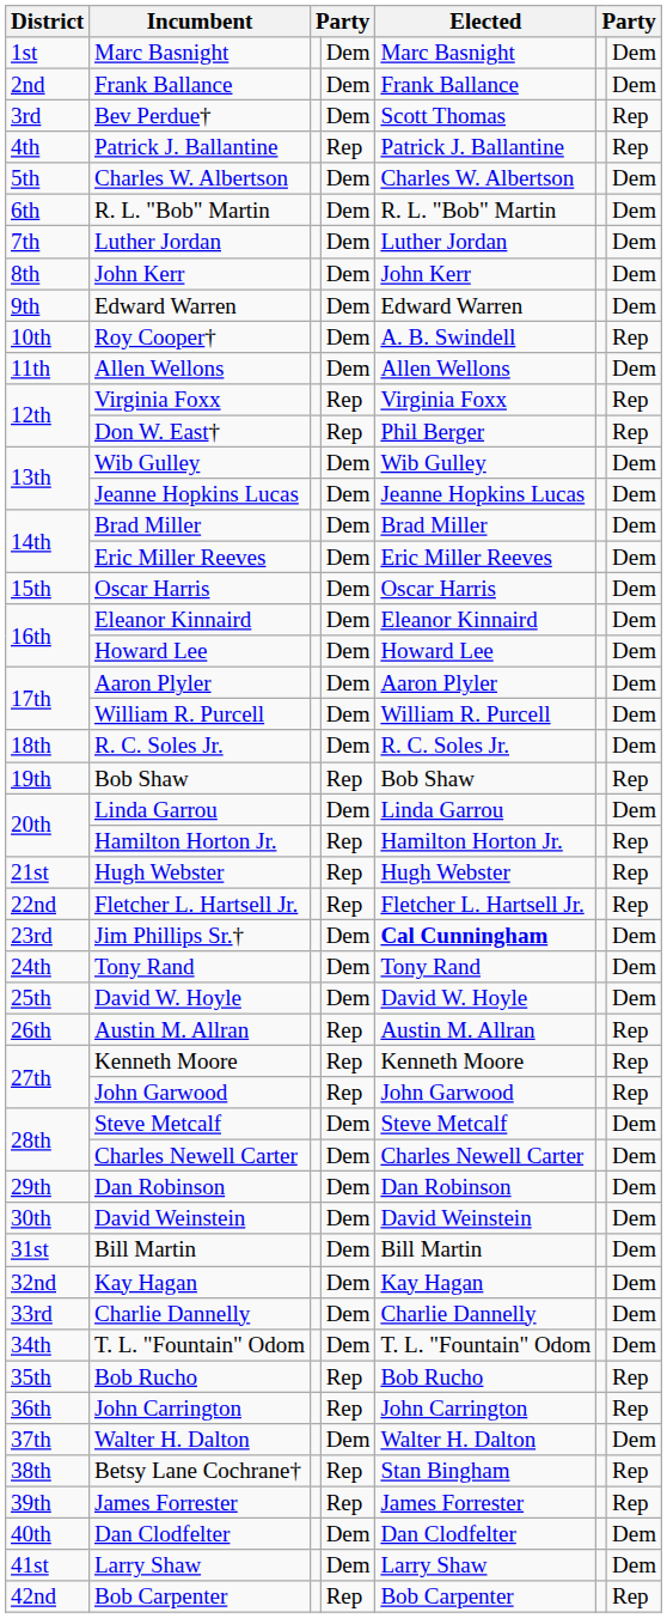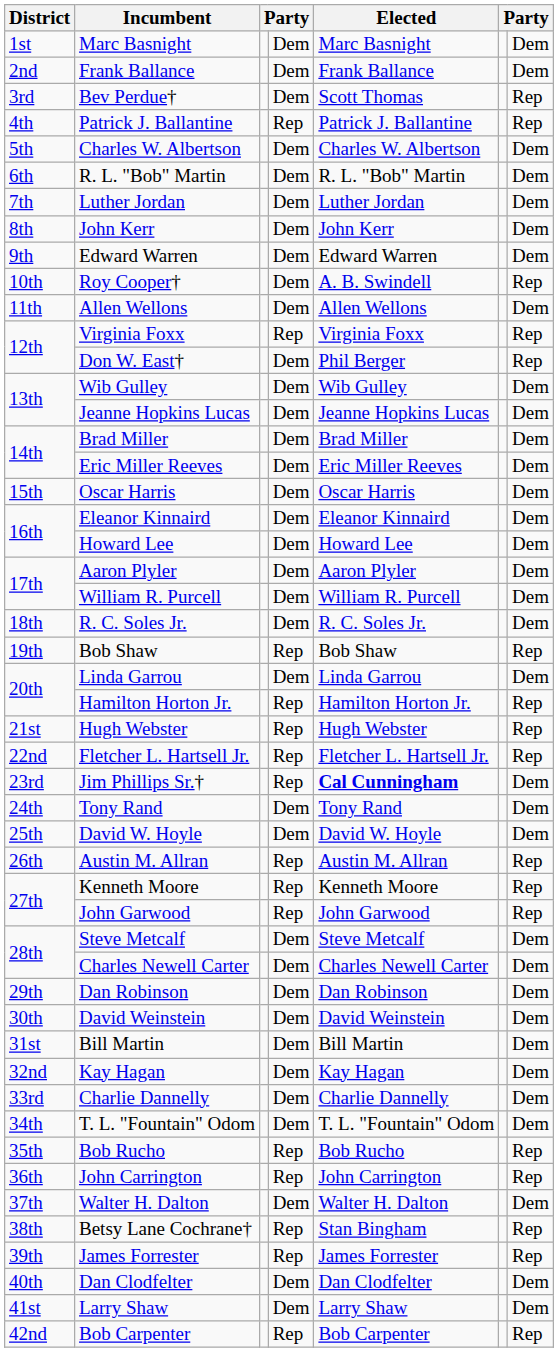 <table class="sortable wikitable" style="font-size:95%;line-height:14px;">
 <tr>
 <th class="unsortable">District</th>
 <th class="unsortable">Incumbent</th>
 <th colspan="2">Party</th>
 <th class="unsortable">Elected</th>
 <th colspan="2">Party</th>
 </tr>
 <tr>
 <td><a href='#'>1st</a></td>
 <td><a href='#'>Marc Basnight</a></td>
 <td style="background:"></td>
 <td>Dem</td>
 <td><a href='#'>Marc Basnight</a></td>
 <td style="background:"></td>
 <td>Dem</td>
 </tr>
 <tr>
 <td><a href='#'>2nd</a></td>
 <td><a href='#'>Frank Ballance</a></td>
 <td style="background:"></td>
 <td>Dem</td>
 <td><a href='#'>Frank Ballance</a></td>
 <td style="background:"></td>
 <td>Dem</td>
 </tr>
 <tr>
 <td><a href='#'>3rd</a></td>
 <td><a href='#'>Bev Perdue</a>†</td>
 <td style="background:"></td>
 <td>Dem</td>
 <td><a href='#'>Scott Thomas</a></td>
 <td style="background:"></td>
 <td>Rep</td>
 </tr>
 <tr>
 <td><a href='#'>4th</a></td>
 <td><a href='#'>Patrick J. Ballantine</a></td>
 <td style="background:"></td>
 <td>Rep</td>
 <td><a href='#'>Patrick J. Ballantine</a></td>
 <td style="background:"></td>
 <td>Rep</td>
 </tr>
 <tr>
 <td><a href='#'>5th</a></td>
 <td><a href='#'>Charles W. Albertson</a></td>
 <td style="background:"></td>
 <td>Dem</td>
 <td><a href='#'>Charles W. Albertson</a></td>
 <td style="background:"></td>
 <td>Dem</td>
 </tr>
 <tr>
 <td><a href='#'>6th</a></td>
 <td>R. L. "Bob" Martin</td>
 <td style="background:"></td>
 <td>Dem</td>
 <td>R. L. "Bob" Martin</td>
 <td style="background:"></td>
 <td>Dem</td>
 </tr>
 <tr>
 <td><a href='#'>7th</a></td>
 <td><a href='#'>Luther Jordan</a></td>
 <td style="background:"></td>
 <td>Dem</td>
 <td><a href='#'>Luther Jordan</a></td>
 <td style="background:"></td>
 <td>Dem</td>
 </tr>
 <tr>
 <td><a href='#'>8th</a></td>
 <td><a href='#'>John Kerr</a></td>
 <td style="background:"></td>
 <td>Dem</td>
 <td><a href='#'>John Kerr</a></td>
 <td style="background:"></td>
 <td>Dem</td>
 </tr>
 <tr>
 <td><a href='#'>9th</a></td>
 <td>Edward Warren</td>
 <td style="background:"></td>
 <td>Dem</td>
 <td>Edward Warren</td>
 <td style="background:"></td>
 <td>Dem</td>
 </tr>
 <tr>
 <td><a href='#'>10th</a></td>
 <td><a href='#'>Roy Cooper</a>†</td>
 <td style="background:"></td>
 <td>Dem</td>
 <td><a href='#'>A. B. Swindell</a></td>
 <td style="background:"></td>
 <td>Rep</td>
 </tr>
 <tr>
 <td><a href='#'>11th</a></td>
 <td><a href='#'>Allen Wellons</a></td>
 <td style="background:"></td>
 <td>Dem</td>
 <td><a href='#'>Allen Wellons</a></td>
 <td style="background:"></td>
 <td>Dem</td>
 </tr>
 <tr>
 <td rowspan=2><a href='#'>12th</a></td>
 <td><a href='#'>Virginia Foxx</a></td>
 <td style="background:"></td>
 <td>Rep</td>
 <td><a href='#'>Virginia Foxx</a></td>
 <td style="background:"></td>
 <td>Rep</td>
 </tr>
 <tr>
 <td><a href='#'>Don W. East</a>†</td>
 <td style="background:"></td>
-<td>Rep</td>
+<td>Dem</td>
 <td><a href='#'>Phil Berger</a></td>
 <td style="background:"></td>
 <td>Rep</td>
 </tr>
 <tr>
 <td rowspan=2><a href='#'>13th</a></td>
 <td><a href='#'>Wib Gulley</a></td>
 <td style="background:"></td>
 <td>Dem</td>
 <td><a href='#'>Wib Gulley</a></td>
 <td style="background:"></td>
 <td>Dem</td>
 </tr>
 <tr>
 <td><a href='#'>Jeanne Hopkins Lucas</a></td>
 <td style="background:"></td>
 <td>Dem</td>
 <td><a href='#'>Jeanne Hopkins Lucas</a></td>
 <td style="background:"></td>
 <td>Dem</td>
 </tr>
 <tr>
 <td rowspan=2><a href='#'>14th</a></td>
 <td><a href='#'>Brad Miller</a></td>
 <td style="background:"></td>
 <td>Dem</td>
 <td><a href='#'>Brad Miller</a></td>
 <td style="background:"></td>
 <td>Dem</td>
 </tr>
 <tr>
 <td><a href='#'>Eric Miller Reeves</a></td>
 <td style="background:"></td>
 <td>Dem</td>
 <td><a href='#'>Eric Miller Reeves</a></td>
 <td style="background:"></td>
 <td>Dem</td>
 </tr>
 <tr>
 <td><a href='#'>15th</a></td>
 <td><a href='#'>Oscar Harris</a></td>
 <td style="background:"></td>
 <td>Dem</td>
 <td><a href='#'>Oscar Harris</a></td>
 <td style="background:"></td>
 <td>Dem</td>
 </tr>
 <tr>
 <td rowspan=2><a href='#'>16th</a></td>
 <td><a href='#'>Eleanor Kinnaird</a></td>
 <td style="background:"></td>
 <td>Dem</td>
 <td><a href='#'>Eleanor Kinnaird</a></td>
 <td style="background:"></td>
 <td>Dem</td>
 </tr>
 <tr>
 <td><a href='#'>Howard Lee</a></td>
 <td style="background:"></td>
 <td>Dem</td>
 <td><a href='#'>Howard Lee</a></td>
 <td style="background:"></td>
 <td>Dem</td>
 </tr>
 <tr>
 <td rowspan=2><a href='#'>17th</a></td>
 <td><a href='#'>Aaron Plyler</a></td>
 <td style="background:"></td>
 <td>Dem</td>
 <td><a href='#'>Aaron Plyler</a></td>
 <td style="background:"></td>
 <td>Dem</td>
 </tr>
 <tr>
 <td><a href='#'>William R. Purcell</a></td>
 <td style="background:"></td>
 <td>Dem</td>
 <td><a href='#'>William R. Purcell</a></td>
 <td style="background:"></td>
 <td>Dem</td>
 </tr>
 <tr>
 <td><a href='#'>18th</a></td>
 <td><a href='#'>R. C. Soles Jr.</a></td>
 <td style="background:"></td>
 <td>Dem</td>
 <td><a href='#'>R. C. Soles Jr.</a></td>
 <td style="background:"></td>
 <td>Dem</td>
 </tr>
 <tr>
 <td><a href='#'>19th</a></td>
 <td>Bob Shaw</td>
 <td style="background:"></td>
 <td>Rep</td>
 <td>Bob Shaw</td>
 <td style="background:"></td>
 <td>Rep</td>
 </tr>
 <tr>
 <td rowspan=2><a href='#'>20th</a></td>
 <td><a href='#'>Linda Garrou</a></td>
 <td style="background:"></td>
 <td>Dem</td>
 <td><a href='#'>Linda Garrou</a></td>
 <td style="background:"></td>
 <td>Dem</td>
 </tr>
 <tr>
 <td><a href='#'>Hamilton Horton Jr.</a></td>
 <td style="background:"></td>
 <td>Rep</td>
 <td><a href='#'>Hamilton Horton Jr.</a></td>
 <td style="background:"></td>
 <td>Rep</td>
 </tr>
 <tr>
 <td><a href='#'>21st</a></td>
 <td><a href='#'>Hugh Webster</a></td>
 <td style="background:"></td>
 <td>Rep</td>
 <td><a href='#'>Hugh Webster</a></td>
 <td style="background:"></td>
 <td>Rep</td>
 </tr>
 <tr>
 <td><a href='#'>22nd</a></td>
 <td><a href='#'>Fletcher L. Hartsell Jr.</a></td>
 <td style="background:"></td>
 <td>Rep</td>
 <td><a href='#'>Fletcher L. Hartsell Jr.</a></td>
 <td style="background:"></td>
 <td>Rep</td>
 </tr>
 <tr>
 <td><a href='#'>23rd</a></td>
 <td><a href='#'>Jim Phillips Sr.</a>†</td>
 <td style="background:"></td>
-<td>Dem</td>
+<td>Rep</td>
 <td><strong><a href='#'>Cal Cunningham</a></strong></td>
 <td style="background:"></td>
 <td>Dem</td>
 </tr>
 <tr>
 <td><a href='#'>24th</a></td>
 <td><a href='#'>Tony Rand</a></td>
 <td style="background:"></td>
 <td>Dem</td>
 <td><a href='#'>Tony Rand</a></td>
 <td style="background:"></td>
 <td>Dem</td>
 </tr>
 <tr>
 <td><a href='#'>25th</a></td>
 <td><a href='#'>David W. Hoyle</a></td>
 <td style="background:"></td>
 <td>Dem</td>
 <td><a href='#'>David W. Hoyle</a></td>
 <td style="background:"></td>
 <td>Dem</td>
 </tr>
 <tr>
 <td><a href='#'>26th</a></td>
 <td><a href='#'>Austin M. Allran</a></td>
 <td style="background:"></td>
 <td>Rep</td>
 <td><a href='#'>Austin M. Allran</a></td>
 <td style="background:"></td>
 <td>Rep</td>
 </tr>
 <tr>
 <td rowspan=2><a href='#'>27th</a></td>
 <td>Kenneth Moore</td>
 <td style="background:"></td>
 <td>Rep</td>
 <td>Kenneth Moore</td>
 <td style="background:"></td>
 <td>Rep</td>
 </tr>
 <tr>
 <td><a href='#'>John Garwood</a></td>
 <td style="background:"></td>
 <td>Rep</td>
 <td><a href='#'>John Garwood</a></td>
 <td style="background:"></td>
 <td>Rep</td>
 </tr>
 <tr>
 <td rowspan=2><a href='#'>28th</a></td>
 <td><a href='#'>Steve Metcalf</a></td>
 <td style="background:"></td>
 <td>Dem</td>
 <td><a href='#'>Steve Metcalf</a></td>
 <td style="background:"></td>
 <td>Dem</td>
 </tr>
 <tr>
 <td><a href='#'>Charles Newell Carter</a></td>
 <td style="background:"></td>
 <td>Dem</td>
 <td><a href='#'>Charles Newell Carter</a></td>
 <td style="background:"></td>
 <td>Dem</td>
 </tr>
 <tr>
 <td><a href='#'>29th</a></td>
 <td><a href='#'>Dan Robinson</a></td>
 <td style="background:"></td>
 <td>Dem</td>
 <td><a href='#'>Dan Robinson</a></td>
 <td style="background:"></td>
 <td>Dem</td>
 </tr>
 <tr>
 <td><a href='#'>30th</a></td>
 <td><a href='#'>David Weinstein</a></td>
 <td style="background:"></td>
 <td>Dem</td>
 <td><a href='#'>David Weinstein</a></td>
 <td style="background:"></td>
 <td>Dem</td>
 </tr>
 <tr>
 <td><a href='#'>31st</a></td>
 <td>Bill Martin</td>
 <td style="background:"></td>
 <td>Dem</td>
 <td>Bill Martin</td>
 <td style="background:"></td>
 <td>Dem</td>
 </tr>
 <tr>
 <td><a href='#'>32nd</a></td>
 <td><a href='#'>Kay Hagan</a></td>
 <td style="background:"></td>
 <td>Dem</td>
 <td><a href='#'>Kay Hagan</a></td>
 <td style="background:"></td>
 <td>Dem</td>
 </tr>
 <tr>
 <td><a href='#'>33rd</a></td>
 <td><a href='#'>Charlie Dannelly</a></td>
 <td style="background:"></td>
 <td>Dem</td>
 <td><a href='#'>Charlie Dannelly</a></td>
 <td style="background:"></td>
 <td>Dem</td>
 </tr>
 <tr>
 <td><a href='#'>34th</a></td>
 <td>T. L. "Fountain" Odom</td>
 <td style="background:"></td>
 <td>Dem</td>
 <td>T. L. "Fountain" Odom</td>
 <td style="background:"></td>
 <td>Dem</td>
 </tr>
 <tr>
 <td><a href='#'>35th</a></td>
 <td><a href='#'>Bob Rucho</a></td>
 <td style="background:"></td>
 <td>Rep</td>
 <td><a href='#'>Bob Rucho</a></td>
 <td style="background:"></td>
 <td>Rep</td>
 </tr>
 <tr>
 <td><a href='#'>36th</a></td>
 <td><a href='#'>John Carrington</a></td>
 <td style="background:"></td>
 <td>Rep</td>
 <td><a href='#'>John Carrington</a></td>
 <td style="background:"></td>
 <td>Rep</td>
 </tr>
 <tr>
 <td><a href='#'>37th</a></td>
 <td><a href='#'>Walter H. Dalton</a></td>
 <td style="background:"></td>
 <td>Dem</td>
 <td><a href='#'>Walter H. Dalton</a></td>
 <td style="background:"></td>
 <td>Dem</td>
 </tr>
 <tr>
 <td><a href='#'>38th</a></td>
 <td>Betsy Lane Cochrane†</td>
 <td style="background:"></td>
 <td>Rep</td>
 <td><a href='#'>Stan Bingham</a></td>
 <td style="background:"></td>
 <td>Rep</td>
 </tr>
 <tr>
 <td><a href='#'>39th</a></td>
 <td><a href='#'>James Forrester</a></td>
 <td style="background:"></td>
 <td>Rep</td>
 <td><a href='#'>James Forrester</a></td>
 <td style="background:"></td>
 <td>Rep</td>
 </tr>
 <tr>
 <td><a href='#'>40th</a></td>
 <td><a href='#'>Dan Clodfelter</a></td>
 <td style="background:"></td>
 <td>Dem</td>
 <td><a href='#'>Dan Clodfelter</a></td>
 <td style="background:"></td>
 <td>Dem</td>
 </tr>
 <tr>
 <td><a href='#'>41st</a></td>
 <td><a href='#'>Larry Shaw</a></td>
 <td style="background:"></td>
 <td>Dem</td>
 <td><a href='#'>Larry Shaw</a></td>
 <td style="background:"></td>
 <td>Dem</td>
 </tr>
 <tr>
 <td><a href='#'>42nd</a></td>
 <td><a href='#'>Bob Carpenter</a></td>
 <td style="background:"></td>
 <td>Rep</td>
 <td><a href='#'>Bob Carpenter</a></td>
 <td style="background:"></td>
 <td>Rep</td>
 </tr>
 </table>
